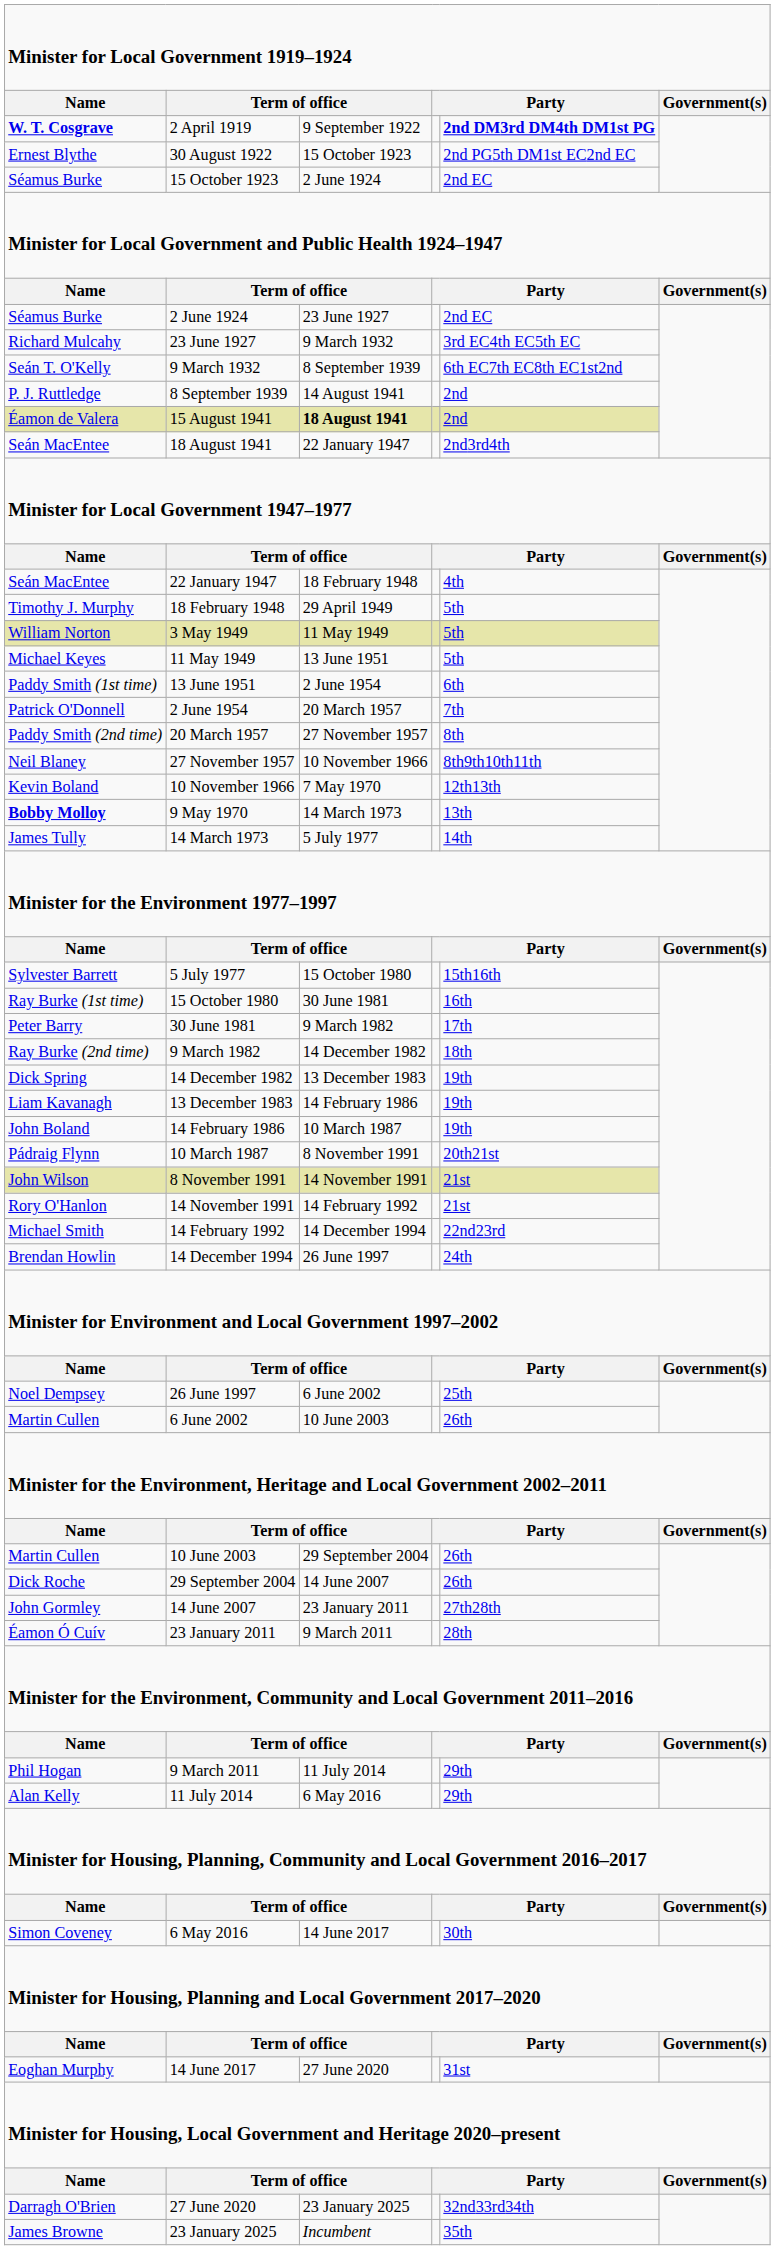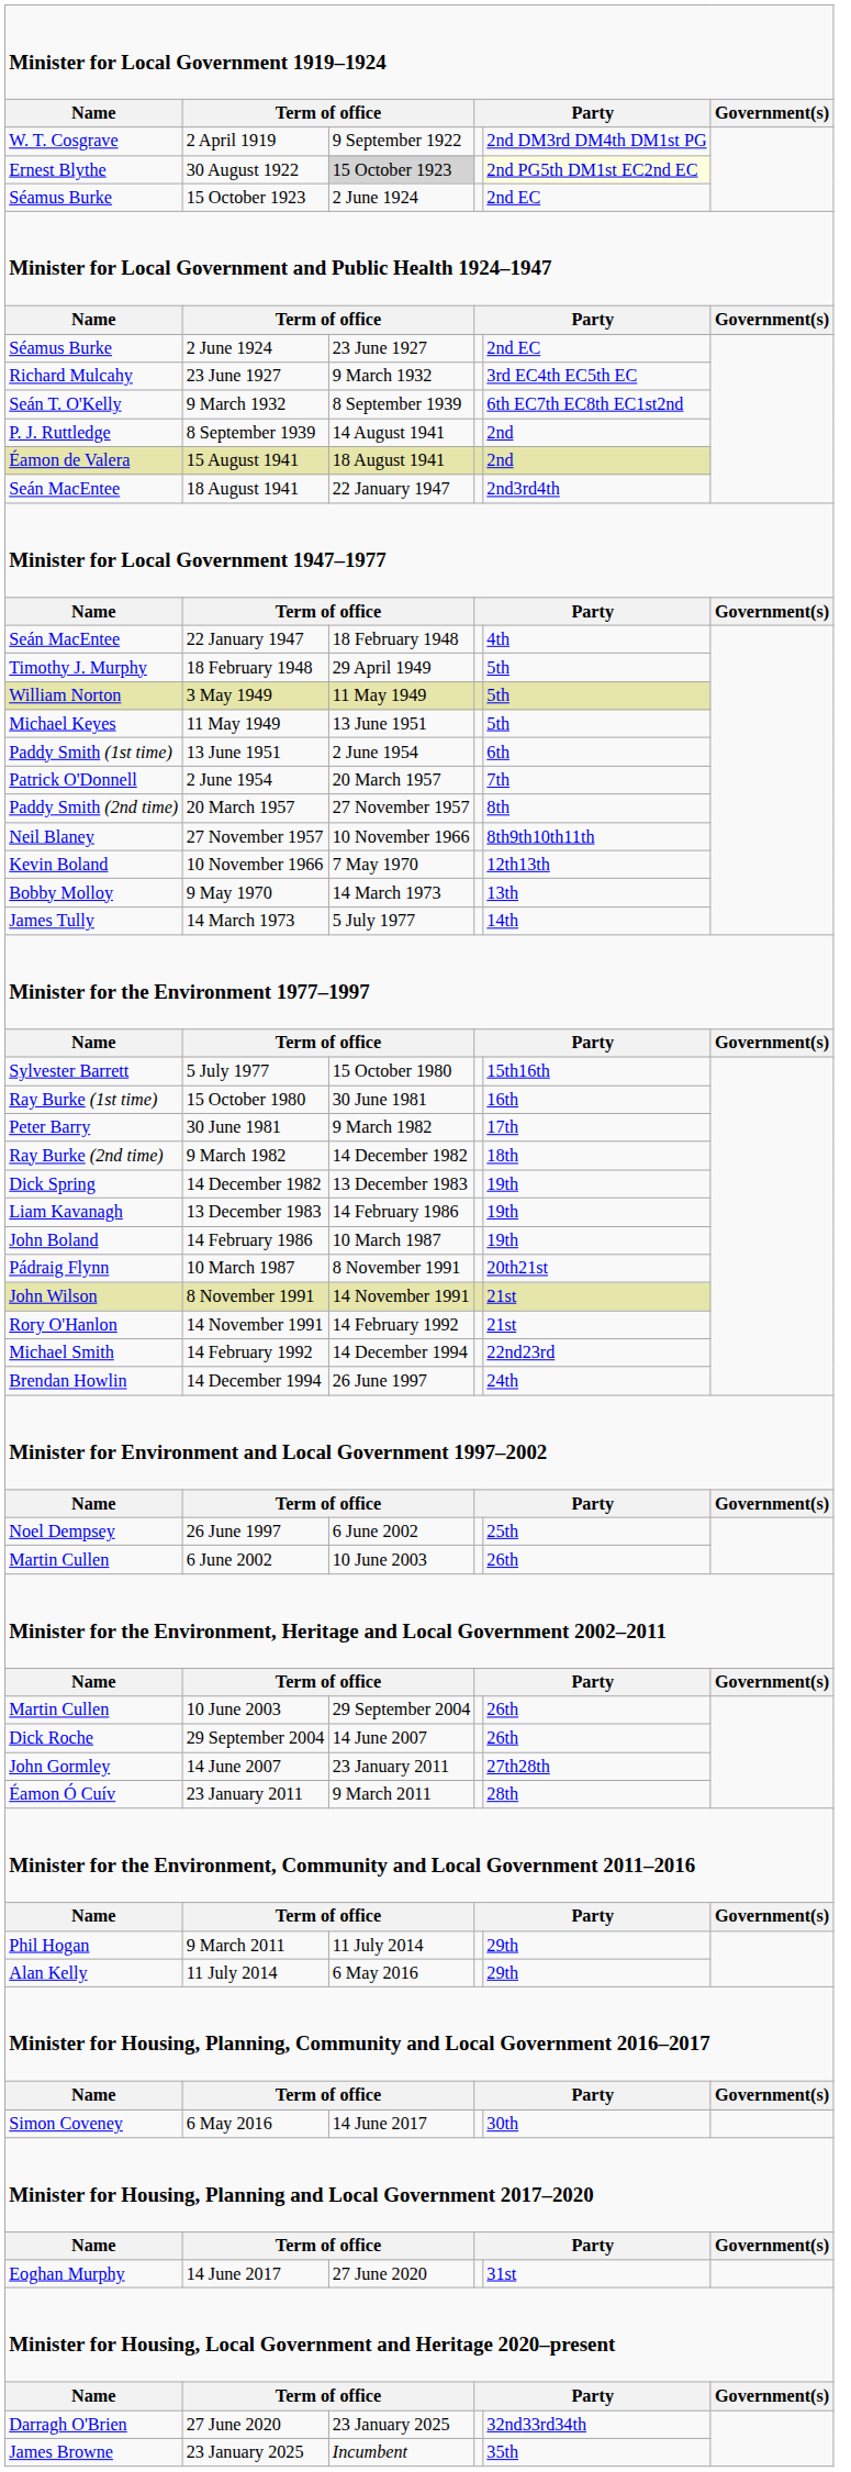 <table class="wikitable">
 <tr>
 <td colspan="6"><br><h3>Minister for Local Government 1919–1924</h3></td>
 </tr>
 <tr>
 <th>Name</th>
 <th colspan="2">Term of office</th>
 <th colspan="2">Party</th>
 <th>Government(s)</th>
 </tr>
 <tr>
-<td><strong><a href='#'>W. T. Cosgrave</a></strong></td>
+<td><a href='#'>W. T. Cosgrave</a></td>
 <td>2 April 1919</td>
 <td>9 September 1922</td>
 <td></td>
-<td><strong><a href='#'>2nd DM</a><a href='#'>3rd DM</a><a href='#'>4th DM</a><a href='#'>1st PG</a></strong></td>
+<td><a href='#'>2nd DM</a><a href='#'>3rd DM</a><a href='#'>4th DM</a><a href='#'>1st PG</a></td>
 </tr>
 <tr>
 <td><a href='#'>Ernest Blythe</a></td>
 <td>30 August 1922</td>
-<td>15 October 1923</td>
+<td style="background: lightgrey;">15 October 1923</td>
 <td></td>
-<td><a href='#'>2nd PG</a><a href='#'>5th DM</a><a href='#'>1st EC</a><a href='#'>2nd EC</a></td>
+<td style="background: lightyellow;"><a href='#'>2nd PG</a><a href='#'>5th DM</a><a href='#'>1st EC</a><a href='#'>2nd EC</a></td>
 </tr>
 <tr>
 <td><a href='#'>Séamus Burke</a></td>
 <td>15 October 1923</td>
 <td>2 June 1924</td>
 <td></td>
 <td><a href='#'>2nd EC</a></td>
 </tr>
 <tr>
 <td colspan="6"><br><h3>Minister for Local Government and Public Health 1924–1947</h3></td>
 </tr>
 <tr>
 <th>Name</th>
 <th colspan="2">Term of office</th>
 <th colspan="2">Party</th>
 <th>Government(s)</th>
 </tr>
 <tr>
 <td><a href='#'>Séamus Burke</a></td>
 <td>2 June 1924</td>
 <td>23 June 1927</td>
 <td></td>
 <td><a href='#'>2nd EC</a></td>
 </tr>
 <tr>
 <td><a href='#'>Richard Mulcahy</a></td>
 <td>23 June 1927</td>
 <td>9 March 1932</td>
 <td></td>
 <td><a href='#'>3rd EC</a><a href='#'>4th EC</a><a href='#'>5th EC</a></td>
 </tr>
 <tr>
 <td><a href='#'>Seán T. O'Kelly</a></td>
 <td>9 March 1932</td>
 <td>8 September 1939</td>
 <td></td>
 <td><a href='#'>6th EC</a><a href='#'>7th EC</a><a href='#'>8th EC</a><a href='#'>1st</a><a href='#'>2nd</a></td>
 </tr>
 <tr>
 <td><a href='#'>P. J. Ruttledge</a></td>
 <td>8 September 1939</td>
 <td>14 August 1941</td>
 <td></td>
 <td><a href='#'>2nd</a></td>
 </tr>
 <tr bgcolor=#E6E6AA>
 <td><a href='#'>Éamon de Valera</a> </td>
 <td>15 August 1941</td>
-<td><strong>18 August 1941</strong></td>
+<td>18 August 1941</td>
 <td></td>
 <td><a href='#'>2nd</a></td>
 </tr>
 <tr>
 <td><a href='#'>Seán MacEntee</a></td>
 <td>18 August 1941</td>
 <td>22 January 1947</td>
 <td></td>
 <td><a href='#'>2nd</a><a href='#'>3rd</a><a href='#'>4th</a></td>
 </tr>
 <tr>
 <td colspan="6"><br><h3>Minister for Local Government 1947–1977</h3></td>
 </tr>
 <tr>
 <th>Name</th>
 <th colspan="2">Term of office</th>
 <th colspan="2">Party</th>
 <th>Government(s)</th>
 </tr>
 <tr>
 <td><a href='#'>Seán MacEntee</a></td>
 <td>22 January 1947</td>
 <td>18 February 1948</td>
 <td></td>
 <td><a href='#'>4th</a></td>
 </tr>
 <tr>
 <td><a href='#'>Timothy J. Murphy</a></td>
 <td>18 February 1948</td>
 <td>29 April 1949</td>
 <td></td>
 <td><a href='#'>5th</a></td>
 </tr>
 <tr bgcolor=#E6E6AA>
 <td><a href='#'>William Norton</a> </td>
 <td>3 May 1949</td>
 <td>11 May 1949</td>
 <td></td>
 <td><a href='#'>5th</a></td>
 </tr>
 <tr>
 <td><a href='#'>Michael Keyes</a></td>
 <td>11 May 1949</td>
 <td>13 June 1951</td>
 <td></td>
 <td><a href='#'>5th</a></td>
 </tr>
 <tr>
 <td><a href='#'>Paddy Smith</a> <em>(1st time)</em></td>
 <td>13 June 1951</td>
 <td>2 June 1954</td>
 <td></td>
 <td><a href='#'>6th</a></td>
 </tr>
 <tr>
 <td><a href='#'>Patrick O'Donnell</a></td>
 <td>2 June 1954</td>
 <td>20 March 1957</td>
 <td></td>
 <td><a href='#'>7th</a></td>
 </tr>
 <tr>
 <td><a href='#'>Paddy Smith</a> <em>(2nd time)</em></td>
 <td>20 March 1957</td>
 <td>27 November 1957</td>
 <td></td>
 <td><a href='#'>8th</a></td>
 </tr>
 <tr>
 <td><a href='#'>Neil Blaney</a></td>
 <td>27 November 1957</td>
 <td>10 November 1966</td>
 <td></td>
 <td><a href='#'>8th</a><a href='#'>9th</a><a href='#'>10th</a><a href='#'>11th</a></td>
 </tr>
 <tr>
 <td><a href='#'>Kevin Boland</a></td>
 <td>10 November 1966</td>
 <td>7 May 1970</td>
 <td></td>
 <td><a href='#'>12th</a><a href='#'>13th</a></td>
 </tr>
 <tr>
-<td><strong><a href='#'>Bobby Molloy</a></strong></td>
+<td><a href='#'>Bobby Molloy</a></td>
 <td>9 May 1970</td>
 <td>14 March 1973</td>
 <td></td>
 <td><a href='#'>13th</a></td>
 </tr>
 <tr>
 <td><a href='#'>James Tully</a></td>
 <td>14 March 1973</td>
 <td>5 July 1977</td>
 <td></td>
 <td><a href='#'>14th</a></td>
 </tr>
 <tr>
 <td colspan="6"><br><h3>Minister for the Environment 1977–1997</h3></td>
 </tr>
 <tr>
 <th>Name</th>
 <th colspan="2">Term of office</th>
 <th colspan="2">Party</th>
 <th>Government(s)</th>
 </tr>
 <tr>
 <td><a href='#'>Sylvester Barrett</a></td>
 <td>5 July 1977</td>
 <td>15 October 1980</td>
 <td></td>
 <td><a href='#'>15th</a><a href='#'>16th</a></td>
 </tr>
 <tr>
 <td><a href='#'>Ray Burke</a> <em>(1st time)</em></td>
 <td>15 October 1980</td>
 <td>30 June 1981</td>
 <td></td>
 <td><a href='#'>16th</a></td>
 </tr>
 <tr>
 <td><a href='#'>Peter Barry</a></td>
 <td>30 June 1981</td>
 <td>9 March 1982</td>
 <td></td>
 <td><a href='#'>17th</a></td>
 </tr>
 <tr>
 <td><a href='#'>Ray Burke</a> <em>(2nd time)</em></td>
 <td>9 March 1982</td>
 <td>14 December 1982</td>
 <td></td>
 <td><a href='#'>18th</a></td>
 </tr>
 <tr>
 <td><a href='#'>Dick Spring</a></td>
 <td>14 December 1982</td>
 <td>13 December 1983</td>
 <td></td>
 <td><a href='#'>19th</a></td>
 </tr>
 <tr>
 <td><a href='#'>Liam Kavanagh</a></td>
 <td>13 December 1983</td>
 <td>14 February 1986</td>
 <td></td>
 <td><a href='#'>19th</a></td>
 </tr>
 <tr>
 <td><a href='#'>John Boland</a></td>
 <td>14 February 1986</td>
 <td>10 March 1987</td>
 <td></td>
 <td><a href='#'>19th</a></td>
 </tr>
 <tr>
 <td><a href='#'>Pádraig Flynn</a></td>
 <td>10 March 1987</td>
 <td>8 November 1991</td>
 <td></td>
 <td><a href='#'>20th</a><a href='#'>21st</a></td>
 </tr>
 <tr bgcolor=#E6E6AA>
 <td><a href='#'>John Wilson</a> </td>
 <td>8 November 1991</td>
 <td>14 November 1991</td>
 <td></td>
 <td><a href='#'>21st</a></td>
 </tr>
 <tr>
 <td><a href='#'>Rory O'Hanlon</a></td>
 <td>14 November 1991</td>
 <td>14 February 1992</td>
 <td></td>
 <td><a href='#'>21st</a></td>
 </tr>
 <tr>
 <td><a href='#'>Michael Smith</a></td>
 <td>14 February 1992</td>
 <td>14 December 1994</td>
 <td></td>
 <td><a href='#'>22nd</a><a href='#'>23rd</a></td>
 </tr>
 <tr>
 <td><a href='#'>Brendan Howlin</a></td>
 <td>14 December 1994</td>
 <td>26 June 1997</td>
 <td></td>
 <td><a href='#'>24th</a></td>
 </tr>
 <tr>
 <td colspan="6"><br><h3>Minister for Environment and Local Government 1997–2002</h3></td>
 </tr>
 <tr>
 <th>Name</th>
 <th colspan="2">Term of office</th>
 <th colspan="2">Party</th>
 <th>Government(s)</th>
 </tr>
 <tr>
 <td><a href='#'>Noel Dempsey</a></td>
 <td>26 June 1997</td>
 <td>6 June 2002</td>
 <td></td>
 <td><a href='#'>25th</a></td>
 </tr>
 <tr>
 <td><a href='#'>Martin Cullen</a></td>
 <td>6 June 2002</td>
 <td>10 June 2003</td>
 <td></td>
 <td><a href='#'>26th</a></td>
 </tr>
 <tr>
 <td colspan="6"><br><h3>Minister for the Environment, Heritage and Local Government 2002–2011</h3></td>
 </tr>
 <tr>
 <th>Name</th>
 <th colspan="2">Term of office</th>
 <th colspan="2">Party</th>
 <th>Government(s)</th>
 </tr>
 <tr>
 <td><a href='#'>Martin Cullen</a></td>
 <td>10 June 2003</td>
 <td>29 September 2004</td>
 <td></td>
 <td><a href='#'>26th</a></td>
 </tr>
 <tr>
 <td><a href='#'>Dick Roche</a></td>
 <td>29 September 2004</td>
 <td>14 June 2007</td>
 <td></td>
 <td><a href='#'>26th</a></td>
 </tr>
 <tr>
 <td><a href='#'>John Gormley</a></td>
 <td>14 June 2007</td>
 <td>23 January 2011</td>
 <td></td>
 <td><a href='#'>27th</a><a href='#'>28th</a></td>
 </tr>
 <tr>
 <td><a href='#'>Éamon Ó Cuív</a></td>
 <td>23 January 2011</td>
 <td>9 March 2011</td>
 <td></td>
 <td><a href='#'>28th</a></td>
 </tr>
 <tr>
 <td colspan="6"><br><h3>Minister for the Environment, Community and Local Government 2011–2016</h3></td>
 </tr>
 <tr>
 <th>Name</th>
 <th colspan="2">Term of office</th>
 <th colspan="2">Party</th>
 <th>Government(s)</th>
 </tr>
 <tr>
 <td><a href='#'>Phil Hogan</a></td>
 <td>9 March 2011</td>
 <td>11 July 2014</td>
 <td></td>
 <td><a href='#'>29th</a></td>
 </tr>
 <tr>
 <td><a href='#'>Alan Kelly</a></td>
 <td>11 July 2014</td>
 <td>6 May 2016</td>
 <td></td>
 <td><a href='#'>29th</a></td>
 </tr>
 <tr>
 <td colspan="6"><br><h3>Minister for Housing, Planning, Community and Local Government 2016–2017</h3></td>
 </tr>
 <tr>
 <th>Name</th>
 <th colspan="2">Term of office</th>
 <th colspan="2">Party</th>
 <th>Government(s)</th>
 </tr>
 <tr>
 <td><a href='#'>Simon Coveney</a></td>
 <td>6 May 2016</td>
 <td>14 June 2017</td>
 <td></td>
 <td><a href='#'>30th</a></td>
 </tr>
 <tr>
 <td colspan="6"><br><h3>Minister for Housing, Planning and Local Government 2017–2020</h3></td>
 </tr>
 <tr>
 <th>Name</th>
 <th colspan="2">Term of office</th>
 <th colspan="2">Party</th>
 <th>Government(s)</th>
 </tr>
 <tr>
 <td><a href='#'>Eoghan Murphy</a></td>
 <td>14 June 2017</td>
 <td>27 June 2020</td>
 <td></td>
 <td><a href='#'>31st</a></td>
 </tr>
 <tr>
 <td colspan="6"><br><h3>Minister for Housing, Local Government and Heritage 2020–present</h3></td>
 </tr>
 <tr>
 <th>Name</th>
 <th colspan="2">Term of office</th>
 <th colspan="2">Party</th>
 <th>Government(s)</th>
 </tr>
 <tr>
 <td><a href='#'>Darragh O'Brien</a></td>
 <td>27 June 2020</td>
 <td>23 January 2025</td>
 <td></td>
 <td><a href='#'>32nd</a><a href='#'>33rd</a><a href='#'>34th</a></td>
 </tr>
 <tr>
 <td><a href='#'>James Browne</a></td>
 <td>23 January 2025</td>
 <td><em>Incumbent</em></td>
 <td></td>
 <td><a href='#'>35th</a></td>
 </tr>
 </table>
